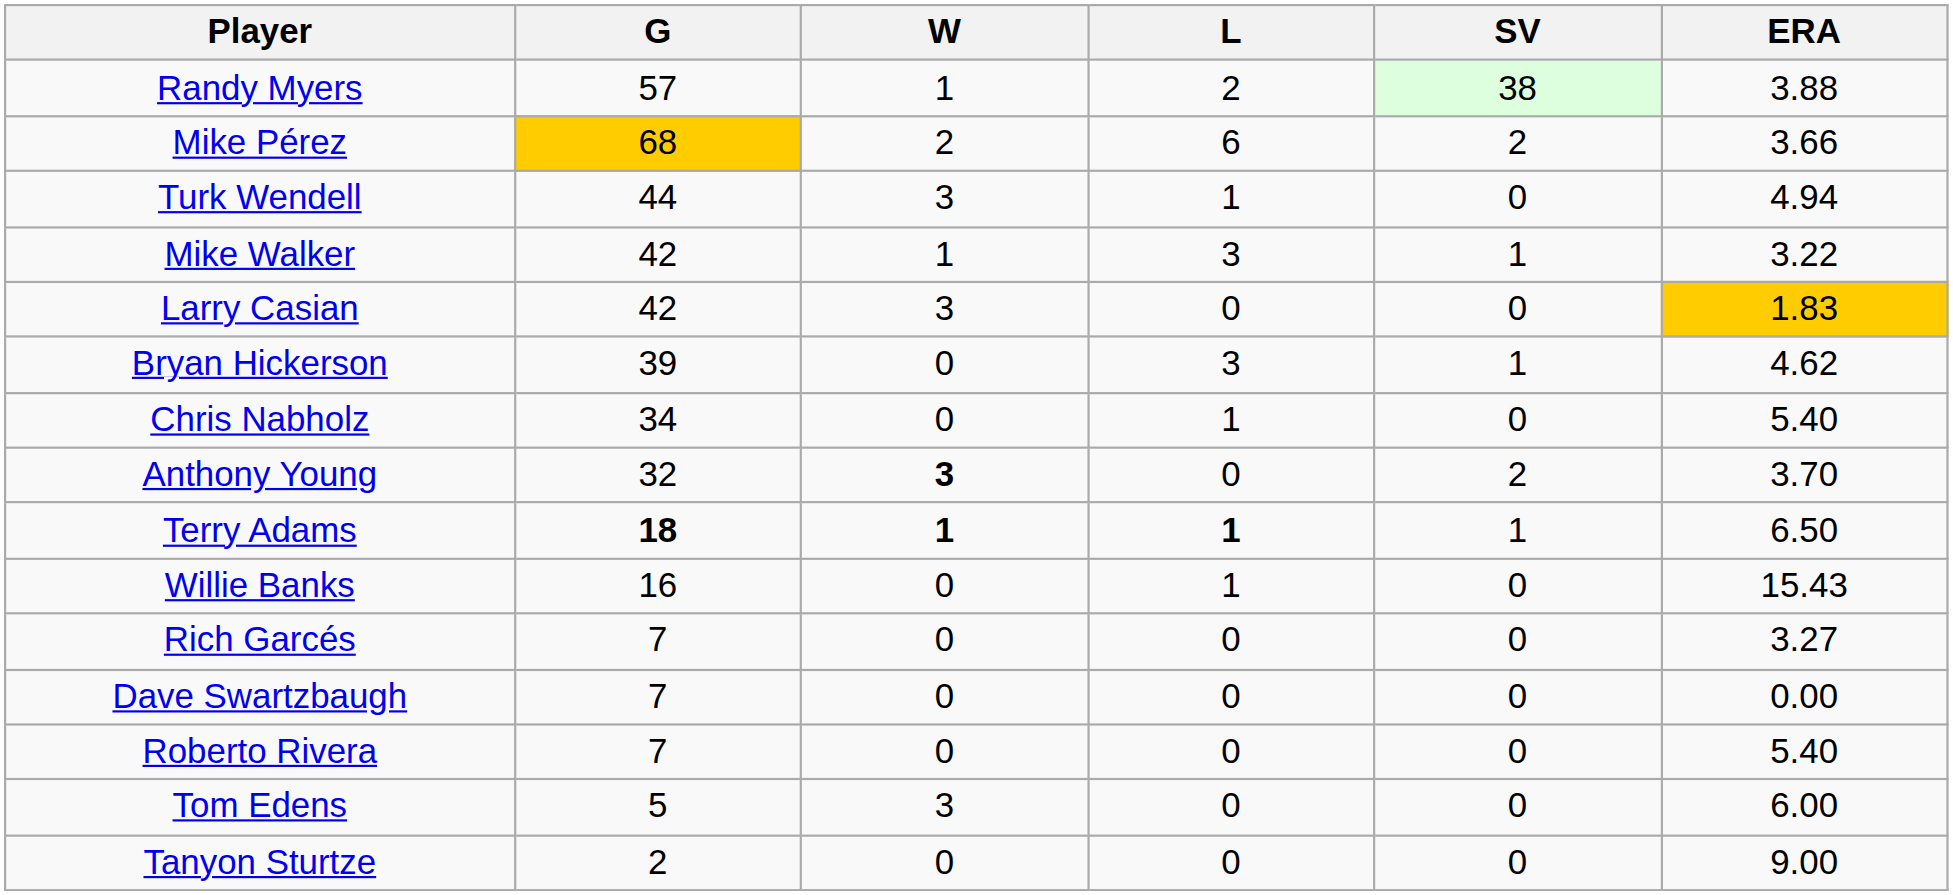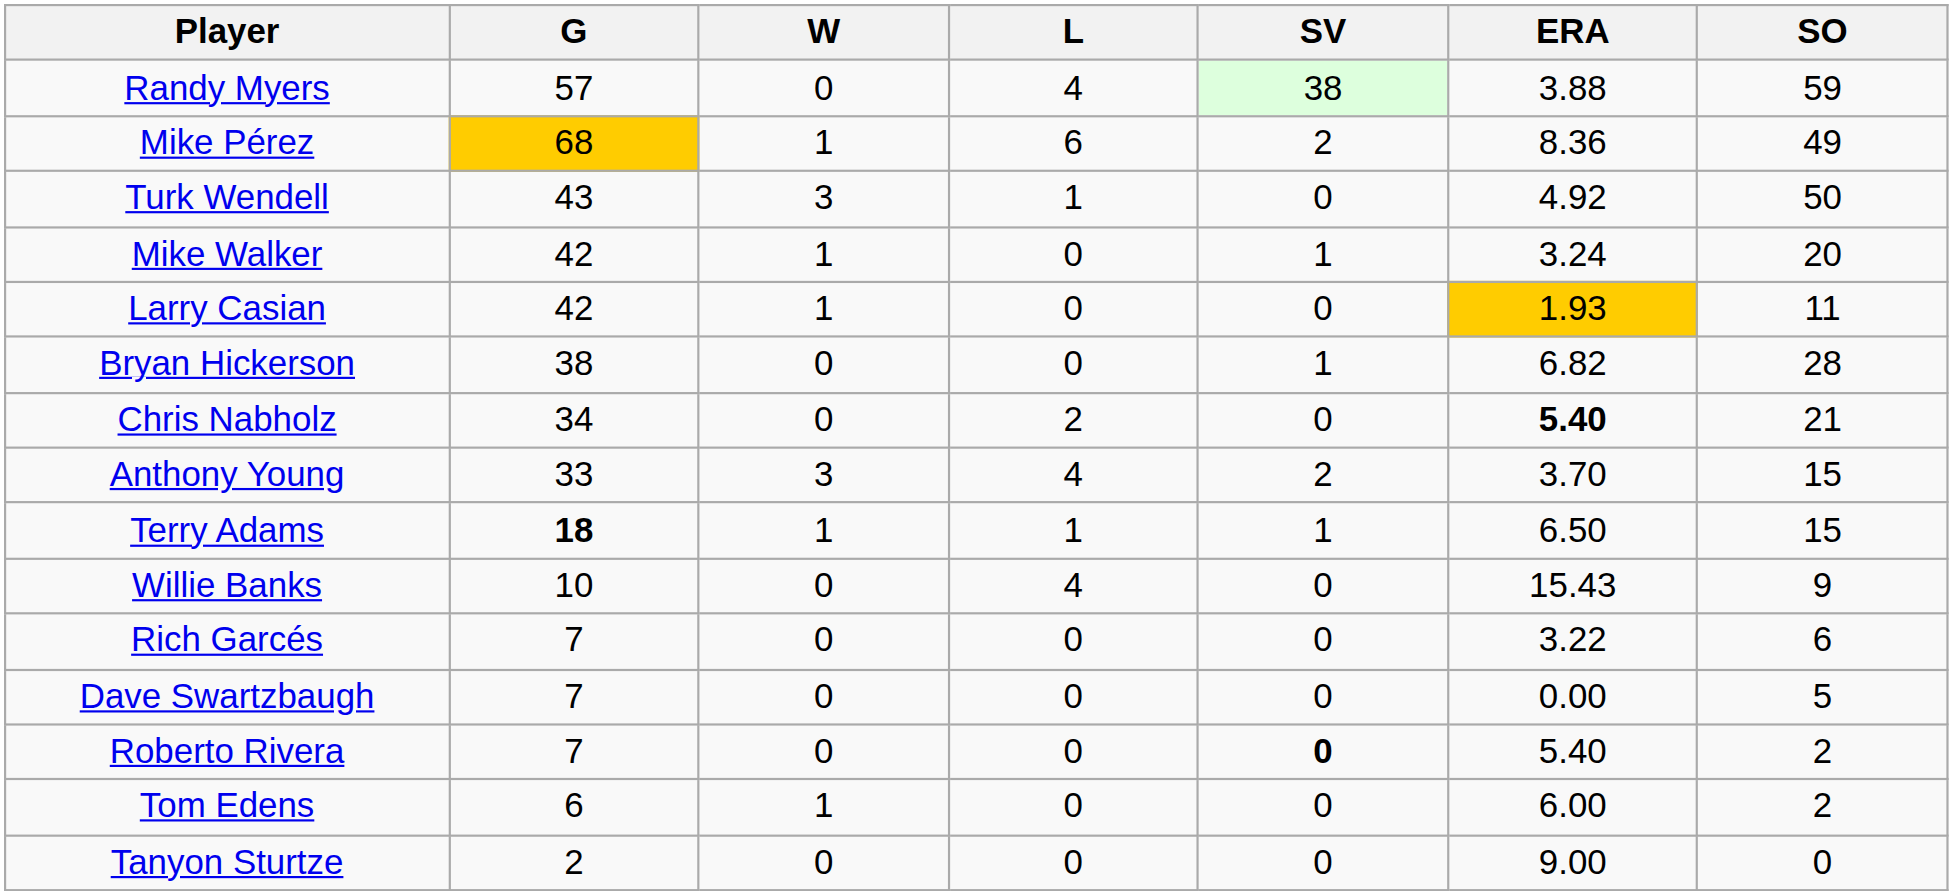 <table class="wikitable sortable">
 <tr>
 <th bgcolor="#DDDDFF" width="16%">Player</th>
 <th bgcolor="#DDDDFF" width="9%">G</th>
 <th bgcolor="#DDDDFF" width="9%">W</th>
 <th bgcolor="#DDDDFF" width="9%">L</th>
 <th bgcolor="#DDDDFF" width="9%">SV</th>
 <th bgcolor="#DDDDFF" width="9%">ERA</th>
+<th bgcolor="#DDDDFF" width="9%">SO</th>
 </tr>
 <tr align="center">
 <td><a href='#'>Randy Myers</a></td>
 <td>57</td>
-<td>1</td>
-<td>2</td>
+<td>0</td>
+<td>4</td>
 <td style="background:#DDFFDD;">38</td>
 <td>3.88</td>
+<td>59</td>
 </tr>
 <tr align=center>
 <td><a href='#'>Mike Pérez</a></td>
 <td style="background:#fc0;">68</td>
-<td>2</td>
+<td>1</td>
 <td>6</td>
 <td>2</td>
-<td>3.66</td>
+<td>8.36</td>
+<td>49</td>
 </tr>
 <tr align=center>
 <td><a href='#'>Turk Wendell</a></td>
-<td>44</td>
+<td>43</td>
 <td>3</td>
 <td>1</td>
 <td>0</td>
-<td>4.94</td>
+<td>4.92</td>
+<td>50</td>
 </tr>
 <tr align=center>
 <td><a href='#'>Mike Walker</a></td>
 <td>42</td>
 <td>1</td>
-<td>3</td>
+<td>0</td>
 <td>1</td>
-<td>3.22</td>
+<td>3.24</td>
+<td>20</td>
 </tr>
 <tr align=center>
 <td><a href='#'>Larry Casian</a></td>
 <td>42</td>
-<td>3</td>
+<td>1</td>
 <td>0</td>
 <td>0</td>
-<td style="background:#fc0;">1.83</td>
+<td style="background:#fc0;">1.93</td>
+<td>11</td>
 </tr>
 <tr align=center>
 <td><a href='#'>Bryan Hickerson</a></td>
-<td>39</td>
+<td>38</td>
 <td>0</td>
-<td>3</td>
+<td>0</td>
 <td>1</td>
-<td>4.62</td>
+<td>6.82</td>
+<td>28</td>
 </tr>
 <tr align=center>
 <td><a href='#'>Chris Nabholz</a></td>
 <td>34</td>
 <td>0</td>
-<td>1</td>
+<td>2</td>
 <td>0</td>
-<td>5.40</td>
+<td><strong>5.40</strong></td>
+<td>21</td>
 </tr>
 <tr align=center>
 <td><a href='#'>Anthony Young</a></td>
-<td>32</td>
-<td><strong>3</strong></td>
-<td>0</td>
+<td>33</td>
+<td>3</td>
+<td>4</td>
 <td>2</td>
 <td>3.70</td>
+<td>15</td>
 </tr>
 <tr align=center>
 <td><a href='#'>Terry Adams</a></td>
 <td><strong>18</strong></td>
-<td><strong>1</strong></td>
-<td><strong>1</strong></td>
+<td>1</td>
+<td>1</td>
 <td>1</td>
 <td>6.50</td>
+<td>15</td>
 </tr>
 <tr align=center>
 <td><a href='#'>Willie Banks</a></td>
-<td>16</td>
+<td>10</td>
 <td>0</td>
-<td>1</td>
+<td>4</td>
 <td>0</td>
 <td>15.43</td>
+<td>9</td>
 </tr>
 <tr align=center>
 <td><a href='#'>Rich Garcés</a></td>
 <td>7</td>
 <td>0</td>
 <td>0</td>
 <td>0</td>
-<td>3.27</td>
+<td>3.22</td>
+<td>6</td>
 </tr>
 <tr align=center>
 <td><a href='#'>Dave Swartzbaugh</a></td>
 <td>7</td>
 <td>0</td>
 <td>0</td>
 <td>0</td>
 <td>0.00</td>
+<td>5</td>
 </tr>
 <tr align=center>
 <td><a href='#'>Roberto Rivera</a></td>
 <td>7</td>
 <td>0</td>
 <td>0</td>
-<td>0</td>
+<td><strong>0</strong></td>
 <td>5.40</td>
+<td>2</td>
 </tr>
 <tr align=center>
 <td><a href='#'>Tom Edens</a></td>
-<td>5</td>
-<td>3</td>
+<td>6</td>
+<td>1</td>
 <td>0</td>
 <td>0</td>
 <td>6.00</td>
+<td>2</td>
 </tr>
 <tr align=center>
 <td><a href='#'>Tanyon Sturtze</a></td>
 <td>2</td>
 <td>0</td>
 <td>0</td>
 <td>0</td>
 <td>9.00</td>
+<td>0</td>
 </tr>
 </table>
